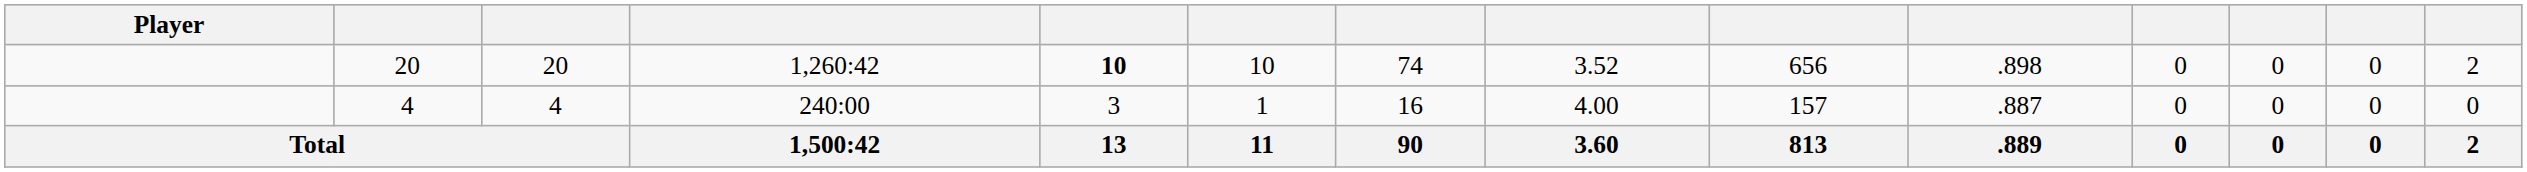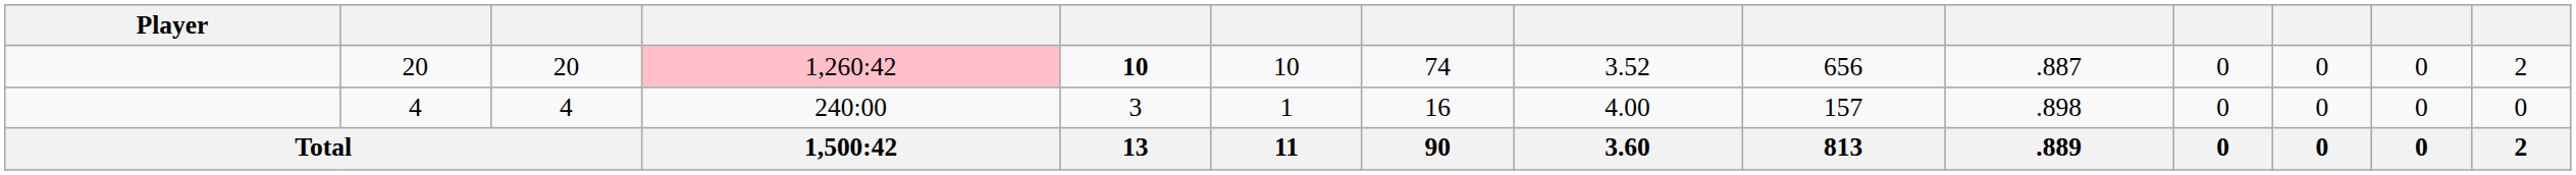 <table class="wikitable sortable" style="width:100%;">
 <tr style="text-align:center; background:#ddd;">
 <th>Player</th>
 <th></th>
 <th></th>
 <th></th>
 <th></th>
 <th></th>
 <th></th>
 <th></th>
 <th></th>
 <th></th>
 <th></th>
 <th></th>
 <th></th>
 <th></th>
 </tr>
 <tr align=center>
 <td></td>
 <td>20</td>
 <td>20</td>
-<td>1,260:42</td>
+<td style="background: pink;">1,260:42</td>
 <td><strong>10</strong></td>
 <td>10</td>
 <td>74</td>
 <td>3.52</td>
 <td>656</td>
-<td>.898</td>
+<td>.887</td>
 <td>0</td>
 <td>0</td>
 <td>0</td>
 <td>2</td>
 </tr>
 <tr align=center>
 <td></td>
 <td>4</td>
 <td>4</td>
 <td>240:00</td>
 <td>3</td>
 <td>1</td>
 <td>16</td>
 <td>4.00</td>
 <td>157</td>
-<td>.887</td>
+<td>.898</td>
 <td>0</td>
 <td>0</td>
 <td>0</td>
 <td>0</td>
 </tr>
 <tr class="sortbotom">
 <th colspan=3>Total</th>
 <th>1,500:42</th>
 <th>13</th>
 <th>11</th>
 <th>90</th>
 <th>3.60</th>
 <th>813</th>
 <th>.889</th>
 <th>0</th>
 <th>0</th>
 <th>0</th>
 <th>2</th>
 </tr>
 </table>
